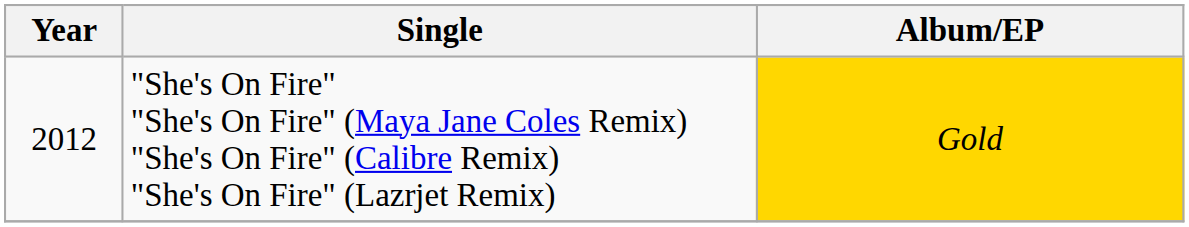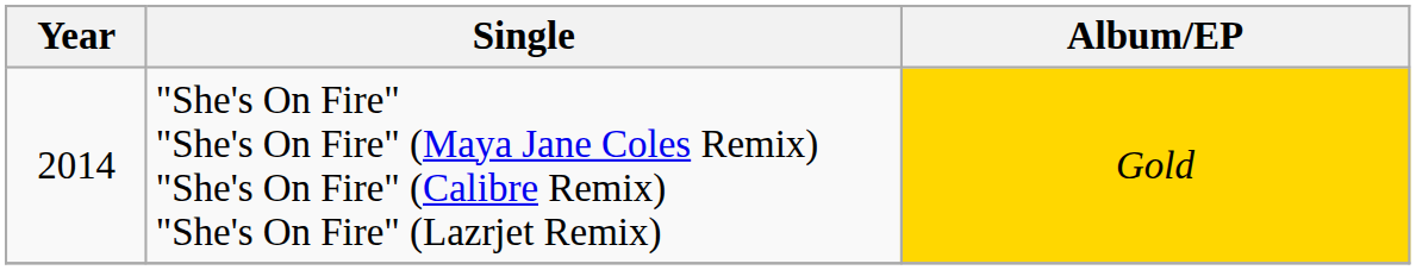 <table class="wikitable">
 <tr>
 <th width="50">Year</th>
 <th width="300">Single</th>
 <th width="200">Album/EP</th>
 </tr>
 <tr>
-<td rowspan="1" align="center">2012</td>
+<td rowspan="1" align="center">2014</td>
 <td>"She's On Fire"<br>"She's On Fire" (<a href='#'>Maya Jane Coles</a> Remix)<br>"She's On Fire" (<a href='#'>Calibre</a> Remix)<br>"She's On Fire" (Lazrjet Remix)</td>
 <td rowspan="1" align="center" style="background: gold;"><em>Gold</em></td>
 </tr>
 <tr>
 </tr>
 </table>
